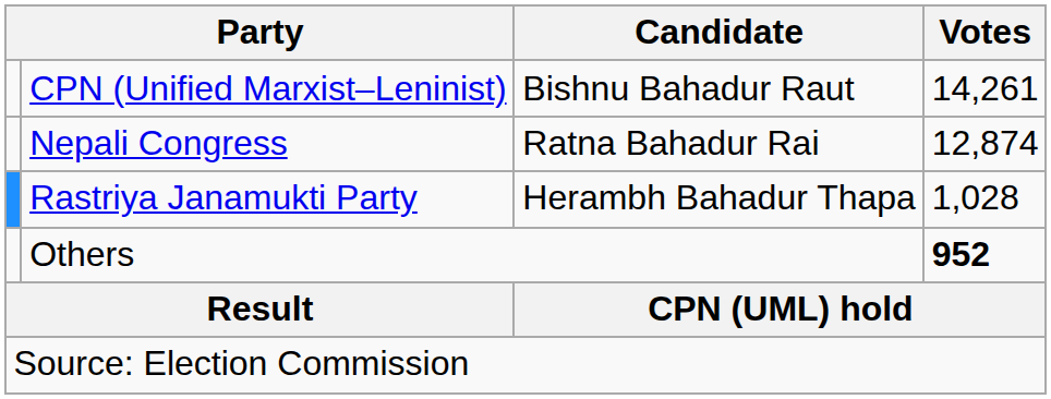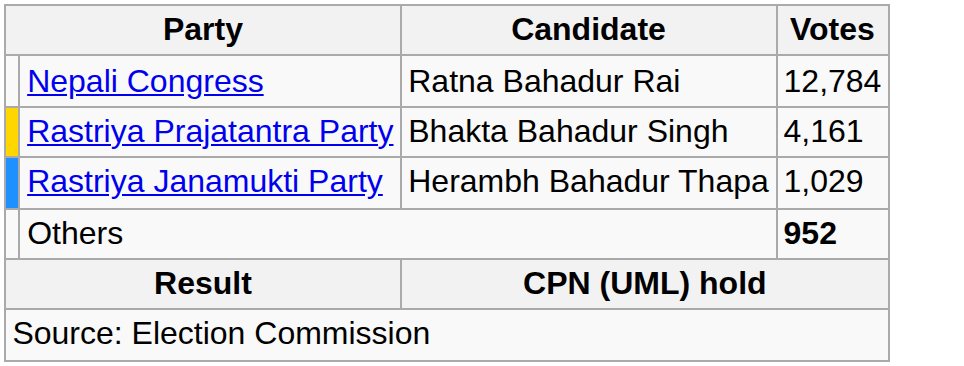 <table class="wikitable">
 <tr>
 <th colspan="2">Party</th>
 <th>Candidate</th>
 <th>Votes</th>
 </tr>
 <tr>
 <td style="background-color:"></td>
-<td><a href='#'>CPN (Unified Marxist–Leninist)</a></td>
-<td>Bishnu Bahadur Raut</td>
-<td>14,261</td>
+<td><a href='#'>Nepali Congress</a></td>
+<td>Ratna Bahadur Rai</td>
+<td>12,784</td>
 </tr>
 <tr>
-<td style="background-color:"></td>
-<td><a href='#'>Nepali Congress</a></td>
-<td>Ratna Bahadur Rai</td>
-<td>12,874</td>
+<td style="background-color:gold"></td>
+<td><a href='#'>Rastriya Prajatantra Party</a></td>
+<td>Bhakta Bahadur Singh</td>
+<td>4,161</td>
 </tr>
 <tr>
 <td style="background-color:dodgerblue"></td>
 <td><a href='#'>Rastriya Janamukti Party</a></td>
 <td>Herambh Bahadur Thapa</td>
-<td>1,028</td>
+<td>1,029</td>
 </tr>
 <tr>
 <td></td>
 <td colspan="2">Others</td>
 <td><strong>952</strong></td>
 </tr>
 <tr>
 <th colspan="2">Result</th>
 <th colspan="2">CPN (UML) hold</th>
 </tr>
 <tr>
 <td colspan="4">Source: Election Commission</td>
 </tr>
 </table>
